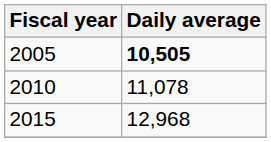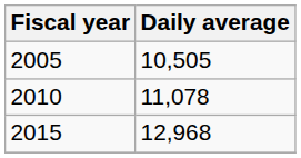 <table class="wikitable sortable">
 <tr>
 <th>Fiscal year</th>
 <th>Daily average</th>
 </tr>
 <tr>
 <td>2005</td>
-<td><strong>10,505</strong></td>
+<td>10,505</td>
 </tr>
 <tr>
 <td>2010</td>
 <td>11,078</td>
 </tr>
 <tr>
 <td>2015</td>
 <td>12,968</td>
 </tr>
 <tr>
 </tr>
 </table>
